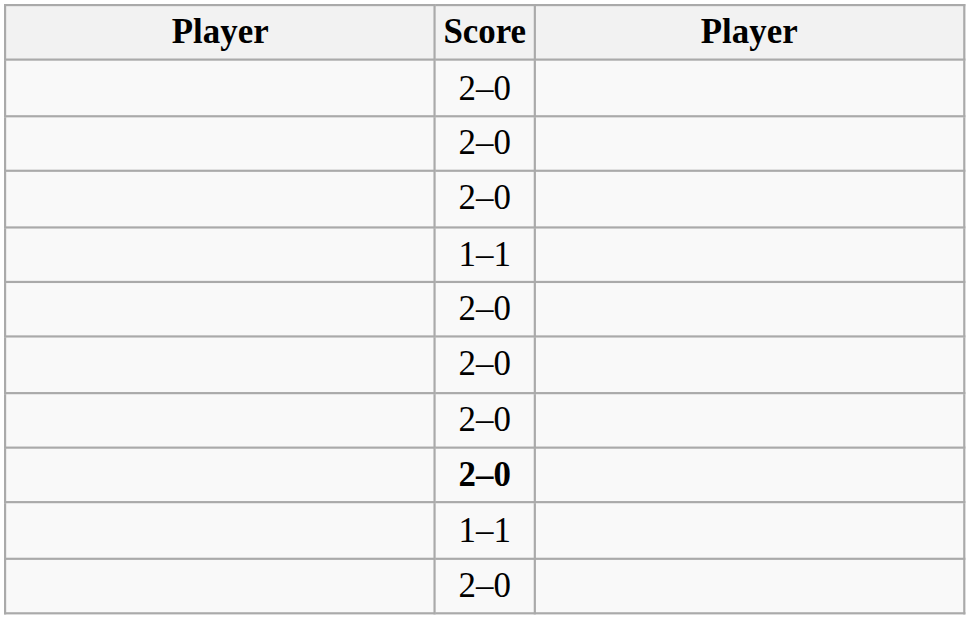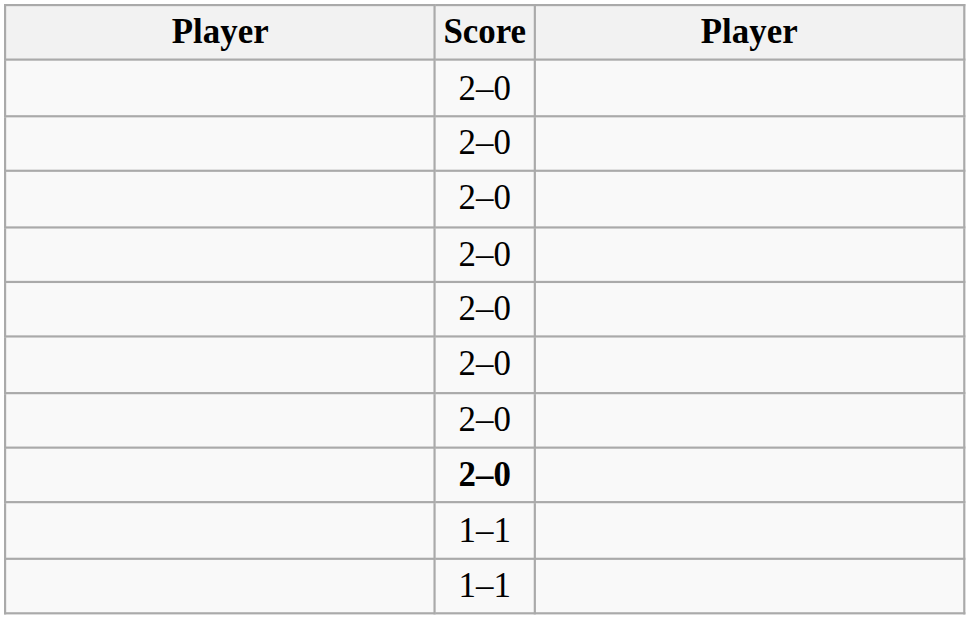 <table class="wikitable ">
 <tr>
 <th width=190>Player</th>
 <th>Score</th>
 <th width=190>Player</th>
 </tr>
 <tr>
 <td></td>
 <td style="text-align:center;">2–0</td>
 <td></td>
 </tr>
 <tr>
 <td></td>
 <td style="text-align:center;">2–0</td>
 <td></td>
 </tr>
 <tr>
 <td></td>
 <td style="text-align:center;">2–0</td>
 <td></td>
 </tr>
 <tr>
 <td></td>
-<td style="text-align:center;">1–1</td>
+<td style="text-align:center;">2–0</td>
 <td></td>
 </tr>
 <tr>
 <td></td>
 <td style="text-align:center;">2–0</td>
 <td></td>
 </tr>
 <tr>
 <td></td>
 <td style="text-align:center;">2–0</td>
 <td></td>
 </tr>
 <tr>
 <td></td>
 <td style="text-align:center;">2–0</td>
 <td></td>
 </tr>
 <tr>
 <td></td>
 <td style="text-align:center;"><strong>2–0</strong></td>
 <td></td>
 </tr>
 <tr>
 <td></td>
 <td style="text-align:center;">1–1</td>
 <td></td>
 </tr>
 <tr>
 <td></td>
-<td style="text-align:center;">2–0</td>
+<td style="text-align:center;">1–1</td>
 <td></td>
 </tr>
 </table>
